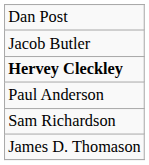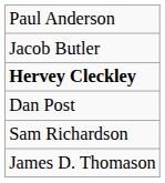 <table class="wikitable">
 <tr>
 </tr>
 <tr>
-<td>Dan Post</td>
+<td>Paul Anderson</td>
 </tr>
 <tr>
 <td>Jacob Butler</td>
 </tr>
 <tr>
 <td><strong>Hervey Cleckley</strong></td>
 </tr>
 <tr>
-<td>Paul Anderson</td>
+<td>Dan Post</td>
 </tr>
 <tr>
 <td>Sam Richardson</td>
 </tr>
 <tr>
 <td>James D. Thomason</td>
 </tr>
 <tr>
 </tr>
 </table>
